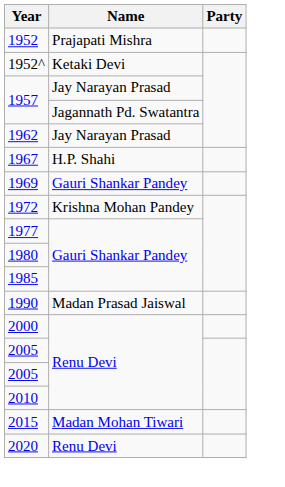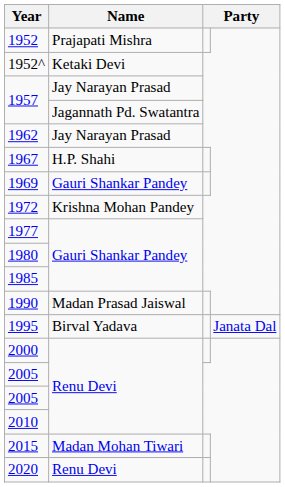 <table class="wikitable sortable">
 <tr>
 <th>Year</th>
 <th>Name</th>
 <th colspan="2">Party</th>
 </tr>
 <tr>
 <td><a href='#'>1952</a></td>
 <td>Prajapati Mishra</td>
 <td></td>
 </tr>
 <tr>
 <td>1952^</td>
 <td>Ketaki Devi</td>
 </tr>
 <tr>
 <td rowspan="2"><a href='#'>1957</a></td>
 <td>Jay Narayan Prasad</td>
 </tr>
 <tr>
 <td>Jagannath Pd. Swatantra</td>
 </tr>
 <tr>
 <td><a href='#'>1962</a></td>
 <td>Jay Narayan Prasad</td>
 </tr>
 <tr>
 <td><a href='#'>1967</a></td>
 <td>H.P. Shahi</td>
 <td></td>
 </tr>
 <tr>
 <td><a href='#'>1969</a></td>
 <td><a href='#'>Gauri Shankar Pandey</a></td>
 <td></td>
 </tr>
 <tr>
 <td><a href='#'>1972</a></td>
 <td>Krishna Mohan Pandey</td>
 </tr>
 <tr>
 <td><a href='#'>1977</a></td>
 <td rowspan="3"><a href='#'>Gauri Shankar Pandey</a></td>
 </tr>
 <tr>
 <td><a href='#'>1980</a></td>
 </tr>
 <tr>
 <td><a href='#'>1985</a></td>
 </tr>
 <tr>
 <td><a href='#'>1990</a></td>
 <td>Madan Prasad Jaiswal</td>
 <td></td>
 </tr>
 <tr>
+<td><a href='#'>1995</a></td>
+<td>Birval Yadava</td>
+<td style="background-color: "></td>
+<td rowspan=""><a href='#'>Janata Dal</a></td>
+</tr>
+<tr>
 <td><a href='#'>2000</a></td>
 <td rowspan="4"><a href='#'>Renu Devi</a></td>
 <td></td>
 </tr>
 <tr>
 <td><a href='#'>2005</a></td>
 </tr>
 <tr>
 <td><a href='#'>2005</a></td>
 </tr>
 <tr>
 <td><a href='#'>2010</a></td>
 </tr>
 <tr>
 <td><a href='#'>2015</a></td>
 <td><a href='#'>Madan Mohan Tiwari</a></td>
 <td></td>
 </tr>
 <tr>
 <td><a href='#'>2020</a></td>
 <td><a href='#'>Renu Devi</a></td>
 <td></td>
 </tr>
 </table>
